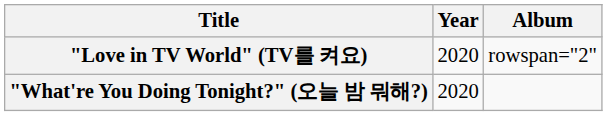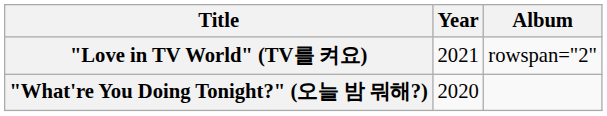 <table class="wikitable plainrowheaders" style="text-align:center;">
 <tr>
 <th scope="col">Title</th>
 <th scope="col">Year</th>
 <th scope="col">Album</th>
 </tr>
 <tr>
 <th scope="row">"Love in TV World" (TV를 켜요)</th>
-<td>2020</td>
+<td>2021</td>
 <td>rowspan="2" </td>
 </tr>
 <tr>
 <th scope="row">"What're You Doing Tonight?" (오늘 밤 뭐해?)</th>
 <td>2020</td>
 </tr>
 </table>
